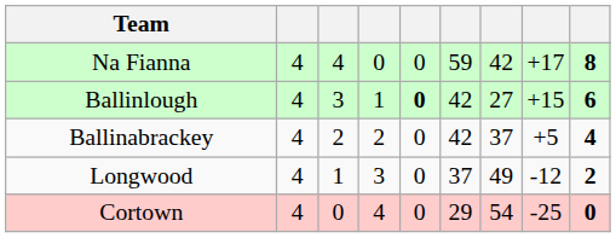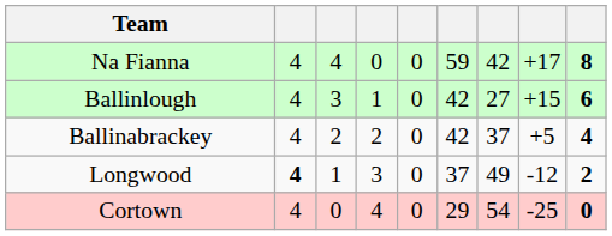 <table class="wikitable" style="text-align:center">
 <tr>
 <th width="175">Team</th>
 <th width="20"></th>
 <th width="20"></th>
 <th width="20"></th>
 <th width="20"></th>
 <th width="20"></th>
 <th width="20"></th>
 <th width="20"></th>
 <th width="20"></th>
 </tr>
 <tr bgcolor="ccffcc">
 <td>Na Fianna</td>
 <td>4</td>
 <td>4</td>
 <td>0</td>
 <td>0</td>
 <td>59</td>
 <td>42</td>
 <td>+17</td>
 <td><strong>8</strong></td>
 </tr>
 <tr bgcolor="ccffcc">
 <td>Ballinlough</td>
 <td>4</td>
 <td>3</td>
 <td>1</td>
-<td><strong>0</strong></td>
+<td>0</td>
 <td>42</td>
 <td>27</td>
 <td>+15</td>
 <td><strong>6</strong></td>
 </tr>
 <tr>
 <td>Ballinabrackey</td>
 <td>4</td>
 <td>2</td>
 <td>2</td>
 <td>0</td>
 <td>42</td>
 <td>37</td>
 <td>+5</td>
 <td><strong>4</strong></td>
 </tr>
 <tr>
 <td>Longwood</td>
-<td>4</td>
+<td><strong>4</strong></td>
 <td>1</td>
 <td>3</td>
 <td>0</td>
 <td>37</td>
 <td>49</td>
 <td>-12</td>
 <td><strong>2</strong></td>
 </tr>
 <tr bgcolor="ffcccc">
 <td>Cortown</td>
 <td>4</td>
 <td>0</td>
 <td>4</td>
 <td>0</td>
 <td>29</td>
 <td>54</td>
 <td>-25</td>
 <td><strong>0</strong></td>
 </tr>
 </table>
